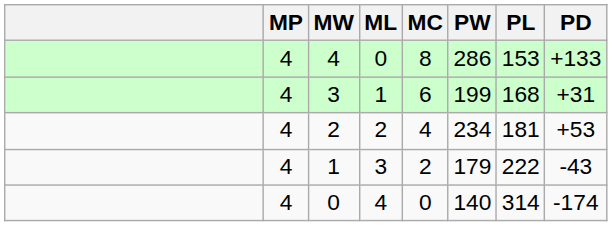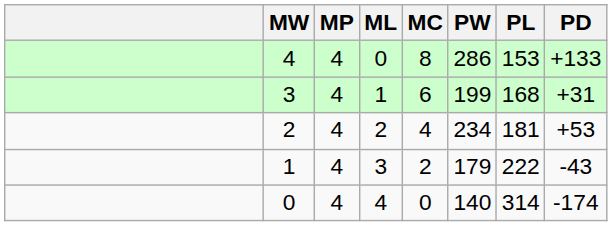 <table class=wikitable style="text-align:center">
 <tr>
 <th width=175></th>
+<th width=20>MW</th>
 <th width=20>MP</th>
-<th width=20>MW</th>
 <th width=20>ML</th>
 <th width=20>MC</th>
 <th width=20>PW</th>
 <th width=20>PL</th>
 <th width=20>PD</th>
 </tr>
 <tr style="background-color:#ccffcc;">
 <td style="text-align:left;"></td>
 <td>4</td>
 <td>4</td>
 <td>0</td>
 <td>8</td>
 <td>286</td>
 <td>153</td>
 <td>+133</td>
 </tr>
 <tr style="background-color:#ccffcc;">
 <td style="text-align:left;"></td>
+<td>3</td>
 <td>4</td>
-<td>3</td>
 <td>1</td>
 <td>6</td>
 <td>199</td>
 <td>168</td>
 <td>+31</td>
 </tr>
 <tr>
 <td style="text-align:left;"></td>
+<td>2</td>
 <td>4</td>
-<td>2</td>
 <td>2</td>
 <td>4</td>
 <td>234</td>
 <td>181</td>
 <td>+53</td>
 </tr>
 <tr>
 <td style="text-align:left;"></td>
+<td>1</td>
 <td>4</td>
-<td>1</td>
 <td>3</td>
 <td>2</td>
 <td>179</td>
 <td>222</td>
 <td>-43</td>
 </tr>
 <tr>
 <td style="text-align:left;"></td>
+<td>0</td>
 <td>4</td>
-<td>0</td>
 <td>4</td>
 <td>0</td>
 <td>140</td>
 <td>314</td>
 <td>-174</td>
 </tr>
 </table>
